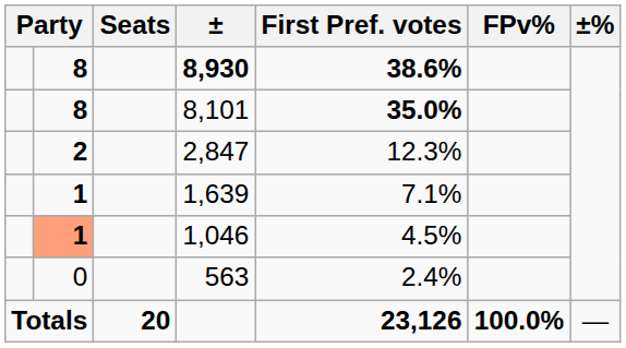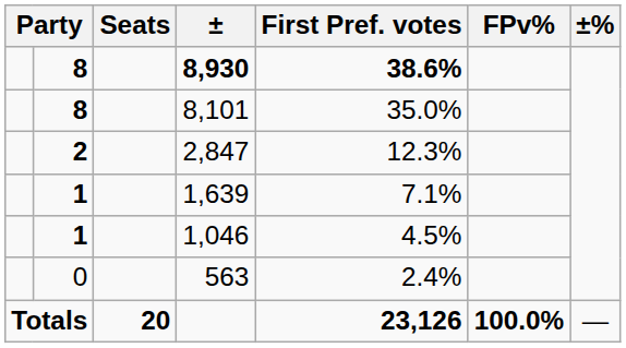 <table class=wikitable>
 <tr>
 <th colspan=2 align=center>Party</th>
 <th valign=top>Seats</th>
 <th valign=top>±</th>
 <th valign=top>First Pref. votes</th>
 <th valign=top>FPv%</th>
 <th valign=top>±%</th>
 </tr>
 <tr>
 <td></td>
 <td align=right><strong>8</strong></td>
 <td align=right></td>
 <td align=right><strong>8,930</strong></td>
 <td align=right><strong>38.6%</strong></td>
 <td align=right></td>
 </tr>
 <tr>
 <td></td>
 <td align=right><strong>8</strong></td>
 <td align=right></td>
 <td align=right>8,101</td>
-<td align=right><strong>35.0%</strong></td>
+<td align=right>35.0%</td>
 <td align=right></td>
 </tr>
 <tr>
 <td></td>
 <td align=right><strong>2</strong></td>
 <td align=right></td>
 <td align=right>2,847</td>
 <td align=right>12.3%</td>
 <td align=right></td>
 </tr>
 <tr>
 <td></td>
 <td align=right><strong>1</strong></td>
 <td align=right></td>
 <td align=right>1,639</td>
 <td align=right>7.1%</td>
 <td align=right></td>
 </tr>
 <tr>
 <td></td>
-<td align=right style="background: lightsalmon;"><strong>1</strong></td>
+<td align=right><strong>1</strong></td>
 <td align=right></td>
 <td align=right>1,046</td>
 <td align=right>4.5%</td>
 <td align=right></td>
 </tr>
 <tr>
 <td></td>
 <td align=right>0</td>
 <td align=right></td>
 <td align=right>563</td>
 <td align=right>2.4%</td>
 <td align=right></td>
 </tr>
 <tr>
 <td colspan=2 align=center><strong>Totals</strong></td>
 <td align=right><strong>20</strong></td>
 <td align=center></td>
 <td align=right><strong>23,126</strong></td>
 <td align=center><strong>100.0%</strong></td>
 <td align=center>—</td>
 </tr>
 </table>
